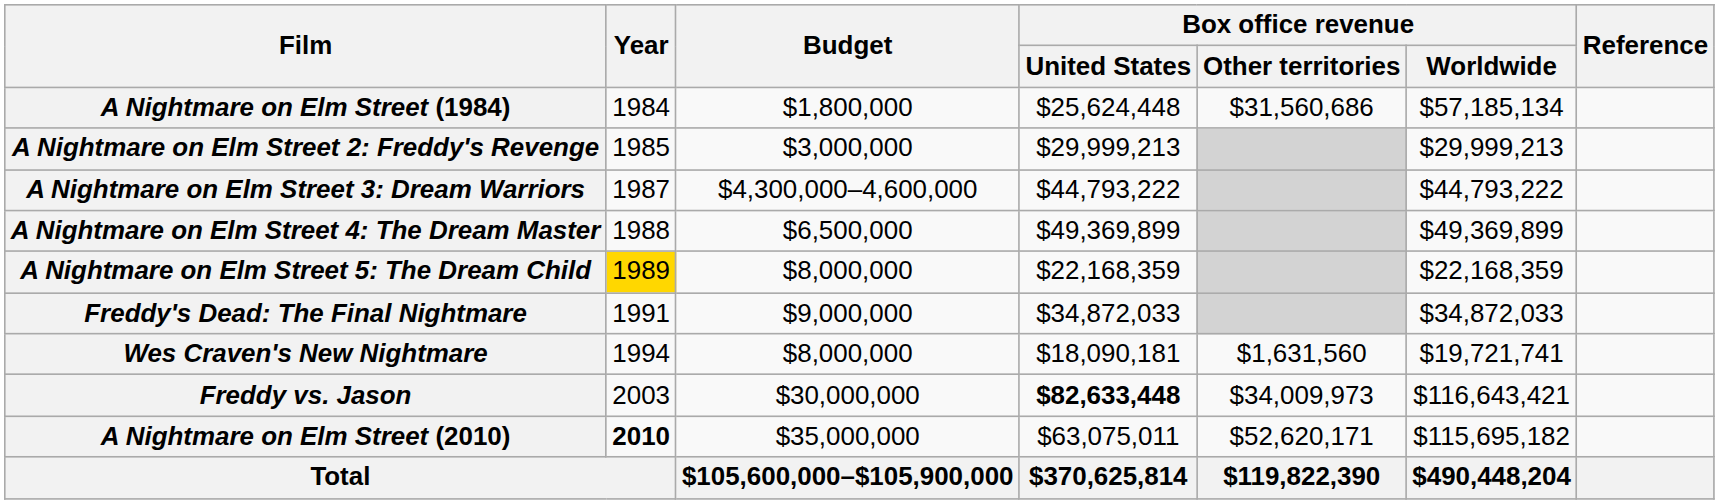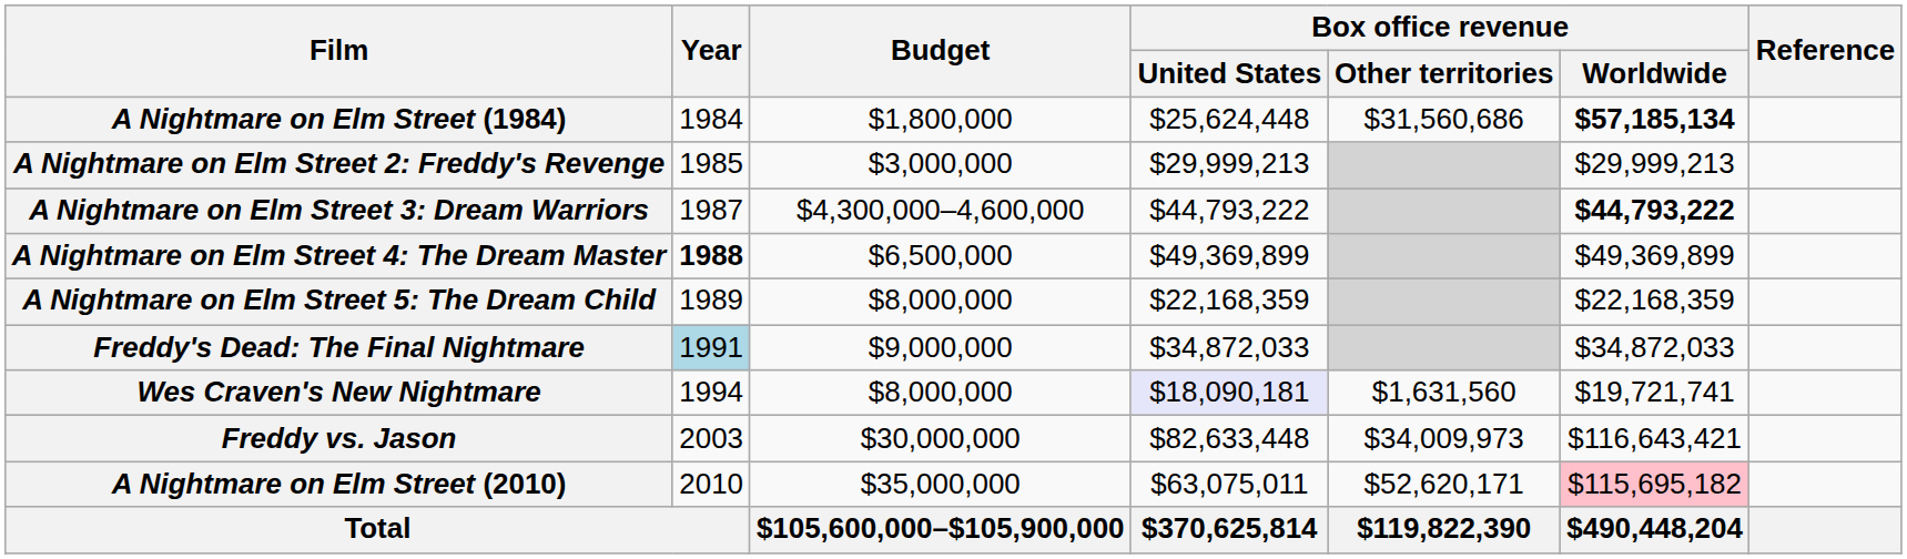 <table class="wikitable plainrowheaders" style="text-align:center;">
 <tr>
 <th rowspan="2">Film</th>
 <th rowspan="2">Year</th>
 <th rowspan="2">Budget</th>
 <th colspan="3">Box office revenue</th>
 <th rowspan="2">Reference</th>
 </tr>
 <tr>
 <th align="center">United States</th>
 <th align="center">Other territories</th>
 <th align="center">Worldwide</th>
 </tr>
 <tr>
 <th scope="row"><em>A Nightmare on Elm Street</em> (1984)</th>
 <td>1984</td>
 <td>$1,800,000</td>
 <td>$25,624,448</td>
 <td>$31,560,686</td>
-<td>$57,185,134</td>
+<td><strong>$57,185,134</strong></td>
 <td align="center"></td>
 </tr>
 <tr>
 <th scope="row"><em>A Nightmare on Elm Street 2: Freddy's Revenge</em></th>
 <td>1985</td>
 <td>$3,000,000</td>
 <td>$29,999,213</td>
 <td style="background:lightgrey;"></td>
 <td>$29,999,213</td>
 <td align="center"></td>
 </tr>
 <tr>
 <th scope="row"><em>A Nightmare on Elm Street 3: Dream Warriors</em></th>
 <td>1987</td>
 <td>$4,300,000–4,600,000</td>
 <td>$44,793,222</td>
 <td style="background:lightgrey;"></td>
-<td>$44,793,222</td>
+<td><strong>$44,793,222</strong></td>
 <td align="center"></td>
 </tr>
 <tr>
 <th scope="row"><em>A Nightmare on Elm Street 4: The Dream Master</em></th>
-<td>1988</td>
+<td><strong>1988</strong></td>
 <td>$6,500,000</td>
 <td>$49,369,899</td>
 <td style="background:lightgrey;"></td>
 <td>$49,369,899</td>
 <td align="center"></td>
 </tr>
 <tr>
 <th scope="row"><em>A Nightmare on Elm Street 5: The Dream Child</em></th>
-<td style="background: gold;">1989</td>
+<td>1989</td>
 <td>$8,000,000</td>
 <td>$22,168,359</td>
 <td style="background:lightgrey;"></td>
 <td>$22,168,359</td>
 <td align="center"></td>
 </tr>
 <tr>
 <th scope="row"><em>Freddy's Dead: The Final Nightmare</em></th>
-<td>1991</td>
+<td style="background: lightblue;">1991</td>
 <td>$9,000,000</td>
 <td>$34,872,033</td>
 <td style="background:lightgrey;"></td>
 <td>$34,872,033</td>
 <td align="center"></td>
 </tr>
 <tr>
 <th scope="row"><em>Wes Craven's New Nightmare</em></th>
 <td>1994</td>
 <td>$8,000,000</td>
-<td>$18,090,181</td>
+<td style="background: lavender;">$18,090,181</td>
 <td>$1,631,560</td>
 <td>$19,721,741</td>
 <td align="center"></td>
 </tr>
 <tr>
 <th scope="row"><em>Freddy vs. Jason</em></th>
 <td>2003</td>
 <td>$30,000,000</td>
-<td><strong>$82,633,448</strong></td>
+<td>$82,633,448</td>
 <td>$34,009,973</td>
 <td>$116,643,421</td>
 <td align="center"></td>
 </tr>
 <tr>
 <th scope="row"><em>A Nightmare on Elm Street</em> (2010)</th>
-<td><strong>2010</strong></td>
+<td>2010</td>
 <td>$35,000,000</td>
 <td>$63,075,011</td>
 <td>$52,620,171</td>
-<td>$115,695,182</td>
+<td style="background: pink;">$115,695,182</td>
 <td align="center"></td>
 </tr>
 <tr>
 <th colspan=2 align="center">Total</th>
 <th>$105,600,000–$105,900,000</th>
 <th>$370,625,814</th>
 <th>$119,822,390</th>
 <th>$490,448,204</th>
 <th></th>
 </tr>
 </table>
